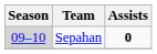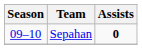 <table class="wikitable" style="text-align: center;">
 <tr>
 <th>Season</th>
 <th>Team</th>
 <th>Assists</th>
 </tr>
 <tr>
-<td style="background: lightgrey;"><a href='#'>09–10</a></td>
+<td><a href='#'>09–10</a></td>
 <td align="left"><a href='#'>Sepahan</a></td>
 <td><strong>0</strong></td>
 </tr>
 <tr>
 </tr>
 </table>
